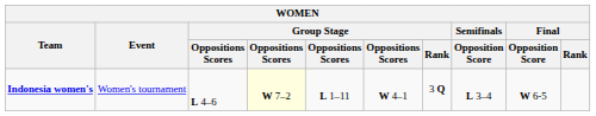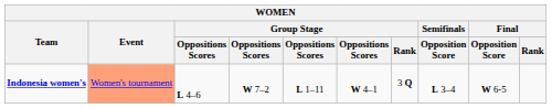 <table class=wikitable style="font-size:90%; text-align:center;">
 <tr>
 <th colspan="10">WOMEN</th>
 </tr>
 <tr>
 <th rowspan=2>Team</th>
 <th rowspan=2>Event</th>
 <th colspan=5>Group Stage</th>
 <th>Semifinals</th>
 <th colspan=2>Final</th>
 </tr>
 <tr>
 <th>Oppositions<br>Scores</th>
 <th>Oppositions<br>Scores</th>
 <th>Oppositions<br>Scores</th>
 <th>Oppositions<br>Scores</th>
 <th>Rank</th>
 <th>Opposition<br>Score</th>
 <th>Opposition<br>Score</th>
 <th>Rank</th>
 </tr>
 <tr>
 <td align=left><strong><a href='#'>Indonesia women's</a></strong></td>
-<td align=left><a href='#'>Women's tournament</a></td>
+<td align=left style="background: lightsalmon;"><a href='#'>Women's tournament</a></td>
 <td align=left><br><br><strong>L</strong> 4–6 <br></td>
-<td style="background: lightyellow;"><br><strong>W</strong> 7–2 <br></td>
+<td><br><strong>W</strong> 7–2 <br></td>
 <td><br><strong>L</strong> 1–11 <br></td>
 <td><br><strong>W</strong> 4–1 <br></td>
 <td>3 <strong>Q</strong></td>
 <td><br><strong>L</strong> 3–4 <br></td>
 <td><br><strong>W</strong> 6-5 <br></td>
 <td></td>
 </tr>
 </table>
